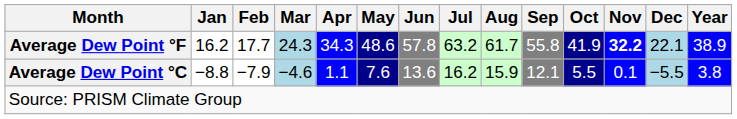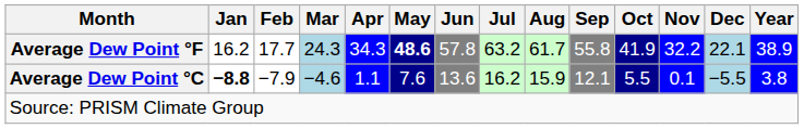 <table class="wikitable" style="margin-left: auto; margin-right: auto;">
 <tr>
 <th scope="col">Month</th>
 <th scope="col">Jan</th>
 <th scope="col">Feb</th>
 <th scope="col">Mar</th>
 <th scope="col">Apr</th>
 <th scope="col">May</th>
 <th scope="col">Jun</th>
 <th scope="col">Jul</th>
 <th scope="col">Aug</th>
 <th scope="col">Sep</th>
 <th scope="col">Oct</th>
 <th scope="col">Nov</th>
 <th scope="col">Dec</th>
 <th scope="col">Year</th>
 </tr>
 <tr>
 <th scope="row">Average <a href='#'>Dew Point</a> °F</th>
 <td style="background:#ffffff;color:#000000;text-align:center;">16.2</td>
 <td style="background:#ffffff;color:#000000;text-align:center;">17.7</td>
 <td style="background:#add8e6;color:#000000;text-align:center;">24.3</td>
 <td style="background:#0000ff;color:#ffffff;text-align:center;">34.3</td>
-<td style="background:#00008b;color:#ffffff;text-align:center;">48.6</td>
+<td style="background:#00008b;color:#ffffff;text-align:center;"><strong>48.6</strong></td>
 <td style="background:#808080;color:#ffffff;text-align:center;">57.8</td>
 <td style="background:#ccffcc;color:#000000;text-align:center;">63.2</td>
 <td style="background:#ccffcc;color:#000000;text-align:center;">61.7</td>
 <td style="background:#808080;color:#ffffff;text-align:center;">55.8</td>
 <td style="background:#00008b;color:#ffffff;text-align:center;">41.9</td>
-<td style="background:#0000ff;color:#ffffff;text-align:center;"><strong>32.2</strong></td>
+<td style="background:#0000ff;color:#ffffff;text-align:center;">32.2</td>
 <td style="background:#add8e6;color:#000000;text-align:center;">22.1</td>
 <td style="background:#0000ff;color:#ffffff;text-align:center;">38.9</td>
 </tr>
 <tr>
 <th scope="row">Average <a href='#'>Dew Point</a> °C</th>
-<td style="background:#ffffff;color:#000000;text-align:center;">−8.8</td>
+<td style="background:#ffffff;color:#000000;text-align:center;"><strong>−8.8</strong></td>
 <td style="background:#ffffff;color:#000000;text-align:center;">−7.9</td>
 <td style="background:#add8e6;color:#000000;text-align:center;">−4.6</td>
 <td style="background:#0000ff;color:#ffffff;text-align:center;">1.1</td>
 <td style="background:#00008b;color:#ffffff;text-align:center;">7.6</td>
 <td style="background:#808080;color:#ffffff;text-align:center;">13.6</td>
 <td style="background:#ccffcc;color:#000000;text-align:center;">16.2</td>
 <td style="background:#ccffcc;color:#000000;text-align:center;">15.9</td>
 <td style="background:#808080;color:#ffffff;text-align:center;">12.1</td>
 <td style="background:#00008b;color:#ffffff;text-align:center;">5.5</td>
 <td style="background:#0000ff;color:#ffffff;text-align:center;">0.1</td>
 <td style="background:#add8e6;color:#000000;text-align:center;">−5.5</td>
 <td style="background:#0000ff;color:#ffffff;text-align:center;">3.8</td>
 </tr>
 <tr>
 <td colspan="14"><div>Source: PRISM Climate Group</div></td>
 </tr>
 </table>
